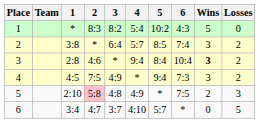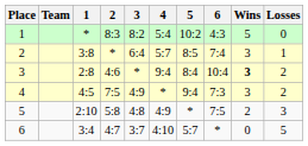 <table class="wikitable" style="text-align:center;">
 <tr>
 <th>Place</th>
 <th>Team</th>
 <th width="25">1</th>
 <th width="25">2</th>
 <th width="25">3</th>
 <th width="25">4</th>
 <th width="25">5</th>
 <th width="25">6</th>
 <th>Wins</th>
 <th>Losses</th>
 </tr>
 <tr bgcolor=#cfc>
 <td>1</td>
 <td align=left></td>
 <td>*</td>
 <td>8:3</td>
 <td>8:2</td>
 <td>5:4</td>
 <td>10:2</td>
 <td>4:3</td>
 <td>5</td>
 <td>0</td>
 </tr>
 <tr bgcolor=#ffc>
 <td>2</td>
 <td align=left></td>
 <td>3:8</td>
 <td>*</td>
 <td>6:4</td>
 <td>5:7</td>
 <td>8:5</td>
 <td>7:4</td>
 <td>3</td>
-<td>2</td>
+<td>1</td>
 </tr>
 <tr bgcolor=#ffc>
 <td>3</td>
 <td align=left></td>
 <td>2:8</td>
 <td>4:6</td>
 <td>*</td>
 <td>9:4</td>
 <td>8:4</td>
 <td>10:4</td>
 <td><strong>3</strong></td>
 <td>2</td>
 </tr>
 <tr bgcolor=#ffc>
 <td>4</td>
 <td align=left></td>
 <td>4:5</td>
 <td>7:5</td>
 <td>4:9</td>
 <td>*</td>
 <td>9:4</td>
 <td>7:3</td>
 <td>3</td>
 <td>2</td>
 </tr>
 <tr>
 <td>5</td>
 <td align=left></td>
 <td>2:10</td>
-<td style="background: pink;">5:8</td>
+<td>5:8</td>
 <td>4:8</td>
 <td>4:9</td>
 <td>*</td>
 <td>7:5</td>
 <td>2</td>
 <td>3</td>
 </tr>
 <tr>
 <td>6</td>
 <td align=left></td>
 <td>3:4</td>
 <td>4:7</td>
 <td>3:7</td>
 <td>4:10</td>
 <td>5:7</td>
 <td>*</td>
 <td>0</td>
 <td>5</td>
 </tr>
 </table>
